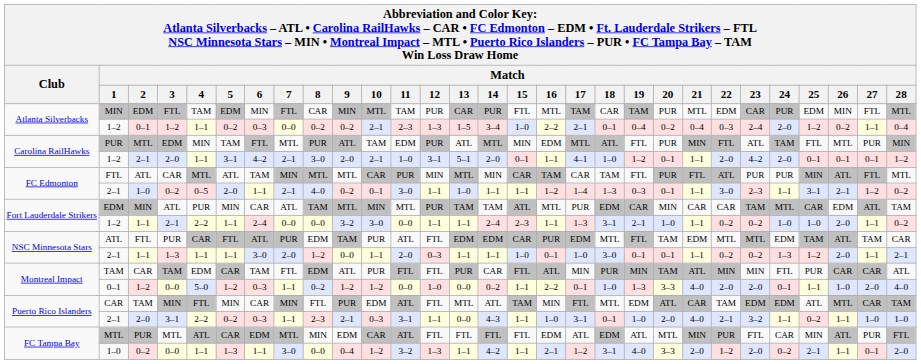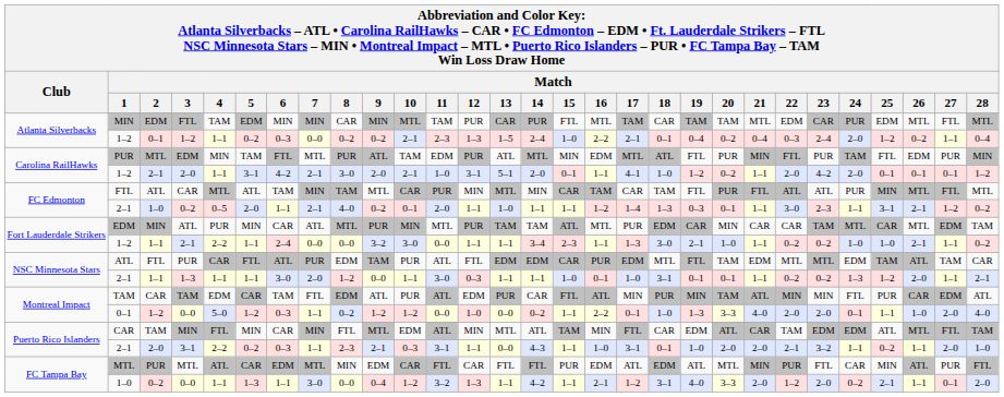 <table class="wikitable" style="text-align:center;width=100%">
 <tr>
 <th colspan="29">Abbreviation and Color Key:<br><a href='#'>Atlanta Silverbacks</a> – ATL • <a href='#'>Carolina RailHawks</a> – CAR • <a href='#'>FC Edmonton</a> – EDM • <a href='#'>Ft. Lauderdale Strikers</a> – FTL <br> <a href='#'>NSC Minnesota Stars</a> – MIN • <a href='#'>Montreal Impact</a> – MTL • <a href='#'>Puerto Rico Islanders</a> – PUR • <a href='#'>FC Tampa Bay</a> – TAM<br><span>Win</span>  <span>Loss</span>  <span>Draw</span>  <span>Home</span></th>
 </tr>
 <tr>
 <th style="width:10.4%;" rowspan="2">Club</th>
 <th style="width:89.6%;" colspan="28">Match</th>
 </tr>
 <tr style="background:#ccc; font-size:90%;">
 <th style="width:3.2%;">1</th>
 <th style="width:3.2%;">2</th>
 <th style="width:3.2%;">3</th>
 <th style="width:3.2%;">4</th>
 <th style="width:3.2%;">5</th>
 <th style="width:3.2%;">6</th>
 <th style="width:3.2%;">7</th>
 <th style="width:3.2%;">8</th>
 <th style="width:3.2%;">9</th>
 <th style="width:3.2%;">10</th>
 <th style="width:3.2%;">11</th>
 <th style="width:3.2%;">12</th>
 <th style="width:3.2%;">13</th>
 <th style="width:3.2%;">14</th>
 <th style="width:3.2%;">15</th>
 <th style="width:3.2%;">16</th>
 <th style="width:3.2%;">17</th>
 <th style="width:3.2%;">18</th>
 <th style="width:3.2%;">19</th>
 <th style="width:3.2%;">20</th>
 <th style="width:3.2%;">21</th>
 <th style="width:3.2%;">22</th>
 <th style="width:3.2%;">23</th>
 <th style="width:3.2%;">24</th>
 <th style="width:3.2%;">25</th>
 <th style="width:3.2%;">26</th>
 <th style="width:3.2%;">27</th>
 <th style="width:3.2%;">28<br></th>
 </tr>
 <tr style="font-size: 75%">
 <td rowspan="2"><a href='#'>Atlanta Silverbacks</a></td>
 <td style="background:silver;">MIN</td>
 <td style="background:silver;">EDM</td>
 <td style="background:silver;">FTL</td>
 <td>TAM</td>
 <td style="background:silver;">EDM</td>
 <td>MIN</td>
-<td style="background:silver;">FTL</td>
+<td style="background:silver;">MIN</td>
 <td>CAR</td>
 <td style="background:silver;">MIN</td>
 <td style="background:silver;">MTL</td>
 <td>TAM</td>
 <td>PUR</td>
 <td style="background:silver;">CAR</td>
 <td style="background:silver;">PUR</td>
 <td>FTL</td>
 <td>MTL</td>
 <td style="background:silver;">TAM</td>
 <td>CAR</td>
 <td style="background:silver;">TAM</td>
-<td>PUR</td>
+<td>TAM</td>
 <td>MTL</td>
 <td>EDM</td>
 <td style="background:silver;">CAR</td>
 <td style="background:silver;">PUR</td>
 <td>EDM</td>
-<td>MIN</td>
+<td>MTL</td>
 <td>FTL</td>
 <td style="background:silver;">MTL</td>
 </tr>
 <tr style="font-size: 75%">
 <td>1–2</td>
 <td style="background:#ffdfdf;">0–1</td>
 <td style="background:#ffdfdf;">1–2</td>
 <td style="background:#ffd;">1–1</td>
 <td style="background:#ffdfdf;">0–2</td>
 <td style="background:#ffdfdf;">0–3</td>
 <td style="background:#ffd;">0–0</td>
 <td style="background:#ffdfdf;">0–2</td>
 <td style="background:#ffdfdf;">0–2</td>
 <td style="background:#dfe7ff;">2–1</td>
 <td style="background:#ffdfdf;">2–3</td>
 <td style="background:#ffdfdf;">1–3</td>
 <td style="background:#ffdfdf;">1–5</td>
-<td style="background:#ffdfdf;">3–4</td>
+<td style="background:#ffdfdf;">2–4</td>
 <td style="background:#dfe7ff;">1–0</td>
 <td style="background:#ffd;">2–2</td>
 <td style="background:#dfe7ff;">2–1</td>
 <td style="background:#ffdfdf;">0–1</td>
 <td style="background:#ffdfdf;">0–4</td>
 <td style="background:#ffdfdf;">0–2</td>
 <td style="background:#ffdfdf;">0–4</td>
 <td style="background:#ffdfdf;">0–3</td>
 <td style="background:#ffdfdf;">2–4</td>
 <td style="background:#dfe7ff;">2–0</td>
 <td style="background:#ffdfdf;">1–2</td>
 <td style="background:#ffdfdf;">0–2</td>
 <td style="background:#ffd;">1–1</td>
 <td style="background:#ffdfdf;">0–4</td>
 </tr>
 <tr style="font-size: 75%">
 <td rowspan="2"><a href='#'>Carolina RailHawks</a></td>
 <td style="background:silver;">PUR</td>
 <td style="background:silver;">MTL</td>
 <td style="background:silver;">EDM</td>
 <td>MIN</td>
 <td>TAM</td>
 <td style="background:silver;">FTL</td>
 <td>MTL</td>
 <td style="background:silver;">PUR</td>
 <td style="background:silver;">ATL</td>
 <td>TAM</td>
 <td>EDM</td>
 <td style="background:silver;">PUR</td>
 <td>ATL</td>
 <td style="background:silver;">MTL</td>
 <td>MIN</td>
 <td>EDM</td>
 <td style="background:silver;">MTL</td>
 <td style="background:silver;">ATL</td>
 <td>FTL</td>
 <td>PUR</td>
 <td style="background:silver;">MIN</td>
 <td style="background:silver;">FTL</td>
-<td>ATL</td>
+<td>PUR</td>
 <td style="background:silver;">TAM</td>
 <td>FTL</td>
-<td>MTL</td>
+<td>EDM</td>
 <td>PUR</td>
 <td style="background:silver;">MIN</td>
 </tr>
 <tr style="font-size: 75%">
 <td>1–2</td>
 <td style="background:#dfe7ff;">2–1</td>
 <td style="background:#dfe7ff;">2–0</td>
 <td style="background:#ffd;">1–1</td>
 <td style="background:#dfe7ff;">3–1</td>
 <td style="background:#dfe7ff;">4–2</td>
 <td style="background:#dfe7ff;">2–1</td>
 <td style="background:#dfe7ff;">3–0</td>
 <td style="background:#dfe7ff;">2–0</td>
 <td style="background:#dfe7ff;">2–1</td>
 <td style="background:#dfe7ff;">1–0</td>
 <td style="background:#dfe7ff;">3–1</td>
 <td style="background:#dfe7ff;">5–1</td>
 <td style="background:#dfe7ff;">2–0</td>
 <td style="background:#ffdfdf;">0–1</td>
 <td style="background:#ffd;">1–1</td>
 <td style="background:#dfe7ff;">4–1</td>
 <td style="background:#dfe7ff;">1–0</td>
 <td style="background:#ffdfdf;">1–2</td>
-<td style="background:#ffdfdf;">0–1</td>
+<td style="background:#ffdfdf;">0–2</td>
 <td style="background:#ffd;">1–1</td>
 <td style="background:#dfe7ff;">2–0</td>
 <td style="background:#dfe7ff;">4–2</td>
 <td style="background:#dfe7ff;">2–0</td>
 <td style="background:#ffdfdf;">0–1</td>
 <td style="background:#ffdfdf;">0–1</td>
 <td style="background:#ffdfdf;">0–1</td>
 <td style="background:#ffdfdf;">1–2</td>
 </tr>
 <tr style="font-size: 75%">
 <td rowspan="2"><a href='#'>FC Edmonton</a></td>
 <td>FTL</td>
 <td>ATL</td>
 <td>CAR</td>
 <td style="background:silver;">MTL</td>
 <td>ATL</td>
 <td>TAM</td>
 <td style="background:silver;">MIN</td>
-<td style="background:silver;">MTL</td>
+<td style="background:silver;">TAM</td>
 <td>MTL</td>
 <td style="background:silver;">CAR</td>
 <td style="background:silver;">PUR</td>
 <td>MIN</td>
 <td style="background:silver;">MTL</td>
 <td>MIN</td>
 <td style="background:silver;">CAR</td>
 <td style="background:silver;">TAM</td>
 <td>CAR</td>
 <td>TAM</td>
 <td>FTL</td>
 <td style="background:silver;">PUR</td>
 <td style="background:silver;">FTL</td>
 <td style="background:silver;">ATL</td>
-<td>PUR</td>
+<td>ATL</td>
 <td>PUR</td>
 <td style="background:silver;">MIN</td>
-<td style="background:silver;">ATL</td>
+<td style="background:silver;">MTL</td>
 <td style="background:silver;">FTL</td>
 <td>MTL</td>
 </tr>
 <tr style="font-size: 75%">
 <td>2–1</td>
 <td style="background:#dfe7ff;">1–0</td>
 <td style="background:#ffdfdf;">0–2</td>
 <td style="background:#ffdfdf;">0–5</td>
 <td style="background:#dfe7ff;">2–0</td>
 <td style="background:#ffd;">1–1</td>
 <td style="background:#dfe7ff;">2–1</td>
 <td style="background:#dfe7ff;">4–0</td>
 <td style="background:#ffdfdf;">0–2</td>
 <td style="background:#ffdfdf;">0–1</td>
-<td style="background:#dfe7ff;">3–0</td>
+<td style="background:#dfe7ff;">2–0</td>
 <td style="background:#ffd;">1–1</td>
 <td style="background:#dfe7ff;">1–0</td>
 <td style="background:#ffd;">1–1</td>
 <td style="background:#ffd;">1–1</td>
 <td style="background:#ffdfdf;">1–2</td>
 <td style="background:#ffdfdf;">1–4</td>
 <td style="background:#ffdfdf;">1–3</td>
 <td style="background:#ffdfdf;">0–3</td>
 <td style="background:#ffdfdf;">0–1</td>
 <td style="background:#ffd;">1–1</td>
 <td style="background:#dfe7ff;">3–0</td>
 <td style="background:#ffdfdf;">2–3</td>
 <td style="background:#ffd;">1–1</td>
 <td style="background:#dfe7ff;">3–1</td>
 <td style="background:#dfe7ff;">2–1</td>
 <td style="background:#ffdfdf;">1–2</td>
 <td style="background:#ffdfdf;">0–2</td>
 </tr>
 <tr style="font-size: 75%">
 <td rowspan="2"><a href='#'>Fort Lauderdale Strikers</a></td>
 <td style="background:silver;">EDM</td>
 <td style="background:silver;">MIN</td>
 <td>ATL</td>
 <td>PUR</td>
 <td>MIN</td>
 <td>CAR</td>
 <td>ATL</td>
-<td style="background:silver;">TAM</td>
 <td style="background:silver;">MTL</td>
+<td style="background:silver;">PUR</td>
 <td style="background:silver;">MIN</td>
 <td>MTL</td>
 <td style="background:silver;">PUR</td>
 <td style="background:silver;">TAM</td>
 <td>TAM</td>
 <td style="background:silver;">ATL</td>
 <td>MTL</td>
 <td>PUR</td>
 <td style="background:silver;">EDM</td>
 <td style="background:silver;">CAR</td>
 <td>MIN</td>
 <td>CAR</td>
 <td>CAR</td>
 <td style="background:silver;">TAM</td>
 <td style="background:silver;">MTL</td>
 <td style="background:silver;">CAR</td>
-<td>EDM</td>
-<td style="background:silver;">ATL</td>
+<td>MTL</td>
+<td style="background:silver;">EDM</td>
 <td>TAM</td>
 </tr>
 <tr style="font-size: 75%">
 <td>1–2</td>
 <td style="background:#ffd;">1–1</td>
 <td style="background:#dfe7ff;">2–1</td>
 <td style="background:#ffd;">2–2</td>
 <td style="background:#ffd;">1–1</td>
 <td style="background:#ffdfdf;">2–4</td>
 <td style="background:#ffd;">0–0</td>
 <td style="background:#ffd;">0–0</td>
 <td style="background:#dfe7ff;">3–2</td>
 <td style="background:#dfe7ff;">3–0</td>
 <td style="background:#ffd;">0–0</td>
 <td style="background:#ffd;">1–1</td>
 <td style="background:#ffd;">1–1</td>
-<td style="background:#ffdfdf;">2–4</td>
+<td style="background:#ffdfdf;">3–4</td>
 <td style="background:#ffdfdf;">2–3</td>
 <td style="background:#ffd;">1–1</td>
 <td style="background:#ffdfdf;">1–3</td>
-<td style="background:#dfe7ff;">3–1</td>
+<td style="background:#dfe7ff;">3–0</td>
 <td style="background:#dfe7ff;">2–1</td>
 <td style="background:#dfe7ff;">1–0</td>
 <td style="background:#ffd;">1–1</td>
 <td style="background:#ffdfdf;">0–2</td>
 <td style="background:#ffdfdf;">0–2</td>
 <td style="background:#dfe7ff;">1–0</td>
 <td style="background:#dfe7ff;">1–0</td>
-<td style="background:#dfe7ff;">2–0</td>
+<td style="background:#dfe7ff;">2–1</td>
 <td style="background:#ffd;">1–1</td>
 <td style="background:#ffdfdf;">0–2</td>
 </tr>
 <tr style="font-size: 75%">
 <td rowspan="2"><a href='#'>NSC Minnesota Stars</a></td>
 <td>ATL</td>
 <td>FTL</td>
 <td>PUR</td>
 <td style="background:silver;">CAR</td>
 <td style="background:silver;">FTL</td>
 <td style="background:silver;">ATL</td>
 <td style="background:silver;">PUR</td>
 <td>EDM</td>
 <td style="background:silver;">TAM</td>
 <td>PUR</td>
 <td>ATL</td>
 <td>FTL</td>
 <td style="background:silver;">EDM</td>
 <td style="background:silver;">EDM</td>
 <td style="background:silver;">CAR</td>
 <td style="background:silver;">PUR</td>
 <td style="background:silver;">EDM</td>
 <td>MTL</td>
 <td style="background:silver;">FTL</td>
 <td>TAM</td>
 <td>EDM</td>
 <td>MTL</td>
 <td style="background:silver;">MTL</td>
 <td>EDM</td>
 <td style="background:silver;">TAM</td>
 <td style="background:silver;">ATL</td>
 <td>TAM</td>
 <td>CAR</td>
 </tr>
 <tr style="font-size: 75%">
 <td>2–1</td>
 <td style="background:#ffd;">1–1</td>
 <td style="background:#ffdfdf;">1–3</td>
 <td style="background:#ffd;">1–1</td>
 <td style="background:#ffd;">1–1</td>
 <td style="background:#dfe7ff;">3–0</td>
 <td style="background:#dfe7ff;">2–0</td>
 <td style="background:#ffdfdf;">1–2</td>
 <td style="background:#ffd;">0–0</td>
 <td style="background:#ffd;">1–1</td>
-<td style="background:#dfe7ff;">2–0</td>
+<td style="background:#dfe7ff;">3–0</td>
 <td style="background:#ffdfdf;">0–3</td>
 <td style="background:#ffd;">1–1</td>
 <td style="background:#ffd;">1–1</td>
 <td style="background:#dfe7ff;">1–0</td>
 <td style="background:#ffdfdf;">0–1</td>
 <td style="background:#dfe7ff;">1–0</td>
-<td style="background:#dfe7ff;">3–0</td>
+<td style="background:#dfe7ff;">3–1</td>
 <td style="background:#ffdfdf;">0–1</td>
 <td style="background:#ffdfdf;">0–1</td>
 <td style="background:#ffd;">1–1</td>
 <td style="background:#ffdfdf;">0–2</td>
 <td style="background:#ffdfdf;">0–2</td>
 <td style="background:#ffdfdf;">1–3</td>
 <td style="background:#ffdfdf;">1–2</td>
 <td style="background:#dfe7ff;">2–0</td>
 <td style="background:#ffd;">1–1</td>
 <td style="background:#dfe7ff;">2–1</td>
 </tr>
 <tr style="font-size: 75%">
 <td rowspan="2"><a href='#'>Montreal Impact</a></td>
 <td>TAM</td>
 <td>CAR</td>
 <td style="background:silver;">TAM</td>
 <td>EDM</td>
 <td style="background:silver;">CAR</td>
 <td>TAM</td>
 <td>FTL</td>
 <td style="background:silver;">EDM</td>
 <td>ATL</td>
 <td>PUR</td>
-<td style="background:silver;">FTL</td>
-<td>FTL</td>
+<td style="background:silver;">ATL</td>
+<td>EDM</td>
 <td style="background:silver;">PUR</td>
 <td>CAR</td>
 <td style="background:silver;">FTL</td>
 <td style="background:silver;">ATL</td>
 <td>MIN</td>
 <td style="background:silver;">PUR</td>
 <td style="background:silver;">MIN</td>
 <td style="background:silver;">TAM</td>
 <td style="background:silver;">ATL</td>
 <td style="background:silver;">MIN</td>
 <td>MIN</td>
 <td>FTL</td>
 <td>PUR</td>
 <td style="background:silver;">CAR</td>
-<td style="background:silver;">CAR</td>
+<td style="background:silver;">EDM</td>
 <td>ATL</td>
 </tr>
 <tr style="font-size: 75%">
 <td>0–1</td>
 <td style="background:#ffdfdf;">1–2</td>
 <td style="background:#ffd;">0–0</td>
 <td style="background:#dfe7ff;">5–0</td>
 <td style="background:#ffdfdf;">1–2</td>
 <td style="background:#ffdfdf;">0–3</td>
 <td style="background:#ffd;">1–1</td>
 <td style="background:#dfe7ff;">0–2</td>
 <td style="background:#ffdfdf;">1–2</td>
 <td style="background:#ffdfdf;">1–2</td>
 <td style="background:#ffd;">0–0</td>
 <td style="background:#ffdfdf;">1–0</td>
 <td style="background:#ffd;">0–0</td>
 <td style="background:#ffdfdf;">0–2</td>
 <td style="background:#ffd;">1–1</td>
 <td style="background:#ffd;">2–2</td>
 <td style="background:#ffdfdf;">0–1</td>
 <td style="background:#dfe7ff;">1–0</td>
 <td style="background:#ffdfdf;">1–3</td>
 <td style="background:#ffd;">3–3</td>
 <td style="background:#dfe7ff;">4–0</td>
 <td style="background:#dfe7ff;">2–0</td>
 <td style="background:#dfe7ff;">2–0</td>
 <td style="background:#ffdfdf;">0–1</td>
 <td style="background:#ffd;">1–1</td>
 <td style="background:#dfe7ff;">1–0</td>
 <td style="background:#dfe7ff;">2–0</td>
 <td style="background:#dfe7ff;">4–0</td>
 </tr>
 <tr style="font-size: 75%">
 <td rowspan="2"><a href='#'>Puerto Rico Islanders</a></td>
 <td>CAR</td>
 <td>TAM</td>
 <td style="background:silver;">MIN</td>
 <td style="background:silver;">FTL</td>
 <td>MIN</td>
 <td>CAR</td>
 <td style="background:silver;">MIN</td>
 <td>FTL</td>
-<td style="background:silver;">PUR</td>
+<td style="background:silver;">MTL</td>
 <td>EDM</td>
 <td style="background:silver;">ATL</td>
-<td>FTL</td>
+<td>MIN</td>
 <td>MTL</td>
 <td>ATL</td>
 <td style="background:silver;">TAM</td>
 <td>MIN</td>
 <td style="background:silver;">FTL</td>
-<td>MTL</td>
+<td>CAR</td>
 <td>EDM</td>
 <td style="background:silver;">ATL</td>
 <td style="background:silver;">CAR</td>
 <td>TAM</td>
 <td style="background:silver;">EDM</td>
 <td style="background:silver;">EDM</td>
 <td>ATL</td>
 <td style="background:silver;">MTL</td>
-<td style="background:silver;">CAR</td>
+<td style="background:silver;">FTL</td>
 <td style="background:silver;">TAM</td>
 </tr>
 <tr style="font-size: 75%">
 <td>2–1</td>
 <td style="background:#dfe7ff;">2–0</td>
 <td style="background:#dfe7ff;">3–1</td>
 <td style="background:#ffd;">2–2</td>
 <td style="background:#ffdfdf;">0–2</td>
 <td style="background:#ffdfdf;">0–3</td>
 <td style="background:#ffd;">1–1</td>
 <td style="background:#ffdfdf;">2–3</td>
 <td style="background:#dfe7ff;">2–1</td>
 <td style="background:#ffdfdf;">0–3</td>
 <td style="background:#dfe7ff;">3–1</td>
 <td style="background:#ffd;">1–1</td>
 <td style="background:#ffd;">0–0</td>
 <td style="background:#dfe7ff;">4–3</td>
 <td style="background:#ffd;">1–1</td>
 <td style="background:#dfe7ff;">1–0</td>
 <td style="background:#dfe7ff;">3–1</td>
 <td style="background:#ffdfdf;">0–1</td>
 <td style="background:#dfe7ff;">1–0</td>
 <td style="background:#dfe7ff;">2–0</td>
-<td style="background:#dfe7ff;">4–0</td>
+<td style="background:#dfe7ff;">2–0</td>
 <td style="background:#dfe7ff;">2–1</td>
 <td style="background:#dfe7ff;">3–2</td>
 <td style="background:#ffd;">1–1</td>
 <td style="background:#ffdfdf;">0–2</td>
 <td style="background:#ffd;">1–1</td>
-<td style="background:#dfe7ff;">1–0</td>
+<td style="background:#dfe7ff;">2–0</td>
 <td style="background:#dfe7ff;">1–0</td>
 </tr>
 <tr style="font-size: 75%">
 <td rowspan="2"><a href='#'>FC Tampa Bay</a></td>
 <td style="background:silver;">MTL</td>
 <td style="background:silver;">PUR</td>
 <td>MTL</td>
 <td style="background:silver;">ATL</td>
 <td style="background:silver;">CAR</td>
 <td style="background:silver;">EDM</td>
 <td style="background:silver;">MTL</td>
 <td>MIN</td>
 <td>EDM</td>
 <td style="background:silver;">CAR</td>
-<td style="background:silver;">ATL</td>
-<td>FTL</td>
+<td style="background:silver;">FTL</td>
+<td>CAR</td>
 <td>FTL</td>
 <td style="background:silver;">FTL</td>
-<td>FTL</td>
+<td>PUR</td>
 <td>EDM</td>
 <td>ATL</td>
 <td style="background:silver;">EDM</td>
 <td>ATL</td>
 <td>MTL</td>
 <td style="background:silver;">MIN</td>
 <td style="background:silver;">PUR</td>
 <td>FTL</td>
 <td>CAR</td>
 <td>MIN</td>
 <td style="background:silver;">ATL</td>
 <td>PUR</td>
 <td style="background:silver;">FTL</td>
 </tr>
 <tr style="font-size: 75%">
 <td>1–0</td>
 <td style="background:#ffdfdf;">0–2</td>
 <td style="background:#ffd;">0–0</td>
 <td style="background:#ffd;">1–1</td>
 <td style="background:#ffdfdf;">1–3</td>
 <td style="background:#ffd;">1–1</td>
 <td style="background:#dfe7ff;">3–0</td>
 <td style="background:#ffd;">0–0</td>
 <td style="background:#ffdfdf;">0–4</td>
 <td style="background:#ffdfdf;">1–2</td>
 <td style="background:#dfe7ff;">3–2</td>
 <td style="background:#ffdfdf;">1–3</td>
 <td style="background:#ffd;">1–1</td>
 <td style="background:#dfe7ff;">4–2</td>
 <td style="background:#ffd;">1–1</td>
 <td style="background:#dfe7ff;">2–1</td>
 <td style="background:#ffdfdf;">1–2</td>
 <td style="background:#dfe7ff;">3–1</td>
 <td style="background:#dfe7ff;">4–0</td>
 <td style="background:#ffd;">3–3</td>
 <td style="background:#dfe7ff;">2–0</td>
 <td style="background:#ffdfdf;">1–2</td>
 <td style="background:#dfe7ff;">2–0</td>
 <td style="background:#ffdfdf;">0–2</td>
 <td style="background:#dfe7ff;">2–1</td>
 <td style="background:#ffd;">1–1</td>
 <td style="background:#ffdfdf;">0–1</td>
 <td style="background:#dfe7ff;">2–0</td>
 </tr>
 </table>
